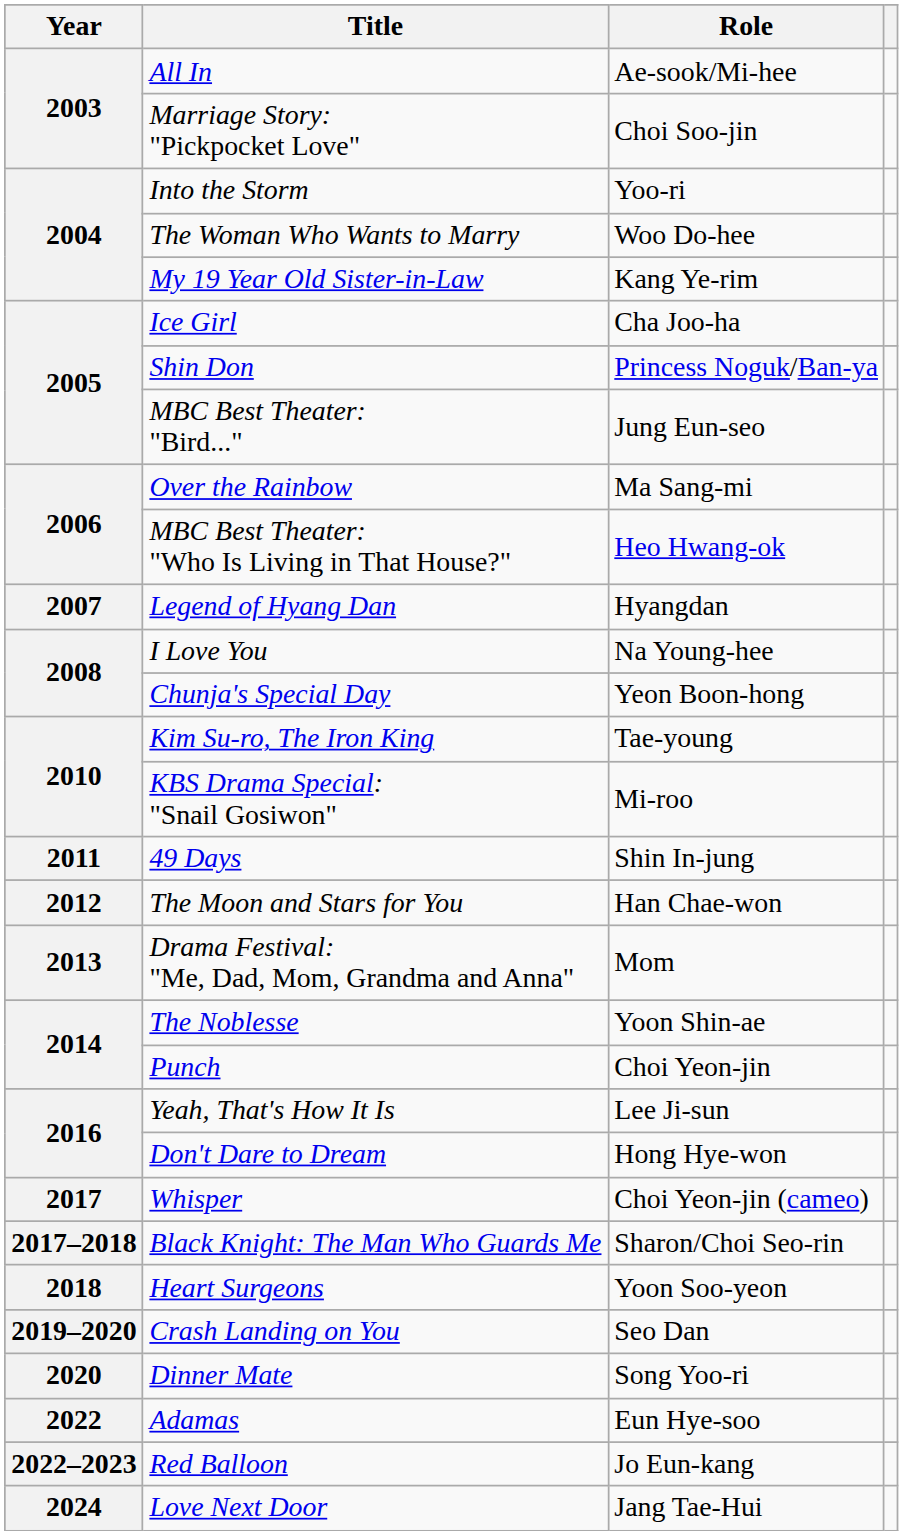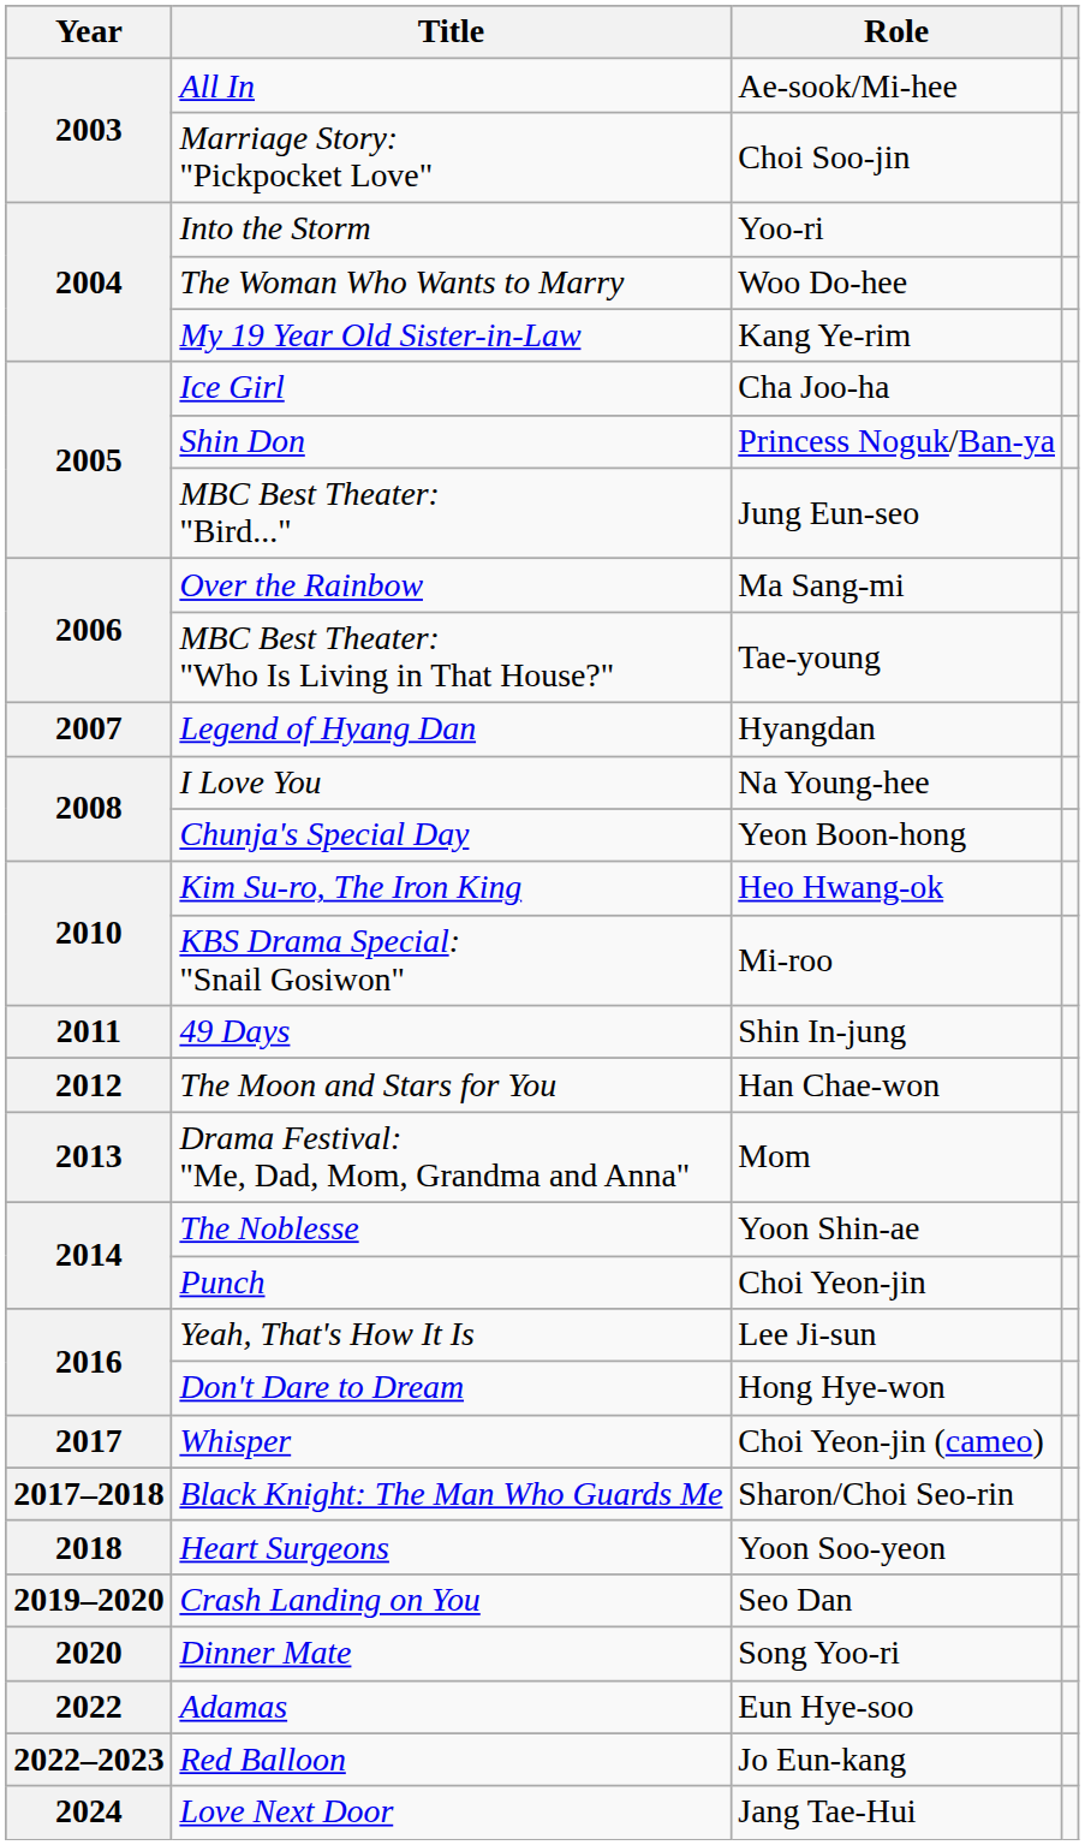 <table class="wikitable plainrowheaders sortable">
 <tr>
 <th scope="col">Year</th>
 <th scope="col">Title</th>
 <th scope="col">Role</th>
 <th scope="col" class="unsortable"></th>
 </tr>
 <tr>
 <th scope="row" rowspan="2">2003</th>
 <td><em><a href='#'>All In</a></em></td>
 <td>Ae-sook/Mi-hee</td>
 <td style="text-align:center"></td>
 </tr>
 <tr>
 <td><em>Marriage Story:</em><br>"Pickpocket Love"</td>
 <td>Choi Soo-jin</td>
 <td style="text-align:center"></td>
 </tr>
 <tr>
 <th scope="row" rowspan="3">2004</th>
 <td><em>Into the Storm</em></td>
 <td>Yoo-ri</td>
 <td style="text-align:center"></td>
 </tr>
 <tr>
 <td><em>The Woman Who Wants to Marry</em></td>
 <td>Woo Do-hee</td>
 <td style="text-align:center"></td>
 </tr>
 <tr>
 <td><em><a href='#'>My 19 Year Old Sister-in-Law</a></em></td>
 <td>Kang Ye-rim</td>
 <td style="text-align:center"></td>
 </tr>
 <tr>
 <th scope="row" rowspan="3">2005</th>
 <td><em><a href='#'>Ice Girl</a></em></td>
 <td>Cha Joo-ha</td>
 <td style="text-align:center"></td>
 </tr>
 <tr>
 <td><em><a href='#'>Shin Don</a></em></td>
 <td><a href='#'>Princess Noguk</a>/<a href='#'>Ban-ya</a></td>
 <td style="text-align:center"></td>
 </tr>
 <tr>
 <td><em>MBC Best Theater:</em><br>"Bird..."</td>
 <td>Jung Eun-seo</td>
 <td style="text-align:center"></td>
 </tr>
 <tr>
 <th scope="row" rowspan="2">2006</th>
 <td><em><a href='#'>Over the Rainbow</a></em></td>
 <td>Ma Sang-mi</td>
 <td style="text-align:center"></td>
 </tr>
 <tr>
 <td><em>MBC Best Theater:</em><br>"Who Is Living in That House?"</td>
-<td><a href='#'>Heo Hwang-ok</a></td>
+<td>Tae-young</td>
 <td style="text-align:center"></td>
 </tr>
 <tr>
 <th scope="row">2007</th>
 <td><em><a href='#'>Legend of Hyang Dan</a></em></td>
 <td>Hyangdan</td>
 <td style="text-align:center"></td>
 </tr>
 <tr>
 <th scope="row" rowspan="2">2008</th>
 <td><em>I Love You</em></td>
 <td>Na Young-hee</td>
 <td style="text-align:center"></td>
 </tr>
 <tr>
 <td><em><a href='#'>Chunja's Special Day</a></em></td>
 <td>Yeon Boon-hong</td>
 <td style="text-align:center"></td>
 </tr>
 <tr>
 <th scope="row" rowspan="2">2010</th>
 <td><em><a href='#'>Kim Su-ro, The Iron King</a></em></td>
-<td>Tae-young</td>
+<td><a href='#'>Heo Hwang-ok</a></td>
 <td style="text-align:center"></td>
 </tr>
 <tr>
 <td><em><a href='#'>KBS Drama Special</a>:</em><br>"Snail Gosiwon"</td>
 <td>Mi-roo</td>
 <td style="text-align:center"></td>
 </tr>
 <tr>
 <th scope="row">2011</th>
 <td><em><a href='#'>49 Days</a></em></td>
 <td>Shin In-jung</td>
 <td style="text-align:center"></td>
 </tr>
 <tr>
 <th scope="row">2012</th>
 <td><em>The Moon and Stars for You</em></td>
 <td>Han Chae-won</td>
 <td style="text-align:center"></td>
 </tr>
 <tr>
 <th scope="row">2013</th>
 <td><em>Drama Festival:</em><br>"Me, Dad, Mom, Grandma and Anna"</td>
 <td>Mom</td>
 <td style="text-align:center"></td>
 </tr>
 <tr>
 <th scope="row" rowspan="2">2014</th>
 <td><em><a href='#'>The Noblesse</a></em></td>
 <td>Yoon Shin-ae</td>
 <td style="text-align:center"></td>
 </tr>
 <tr>
 <td><em><a href='#'>Punch</a></em></td>
 <td>Choi Yeon-jin</td>
 <td style="text-align:center"></td>
 </tr>
 <tr>
 <th scope="row" rowspan="2">2016</th>
 <td><em>Yeah, That's How It Is</em></td>
 <td>Lee Ji-sun</td>
 <td style="text-align:center"></td>
 </tr>
 <tr>
 <td><em><a href='#'>Don't Dare to Dream</a></em></td>
 <td>Hong Hye-won</td>
 <td style="text-align:center"></td>
 </tr>
 <tr>
 <th scope="row">2017</th>
 <td><em><a href='#'>Whisper</a></em></td>
 <td>Choi Yeon-jin (<a href='#'>cameo</a>)</td>
 <td style="text-align:center"></td>
 </tr>
 <tr>
 <th scope="row">2017–2018</th>
 <td><em><a href='#'>Black Knight: The Man Who Guards Me</a></em></td>
 <td>Sharon/Choi Seo-rin</td>
 <td style="text-align:center"></td>
 </tr>
 <tr>
 <th scope="row">2018</th>
 <td><em><a href='#'>Heart Surgeons</a></em></td>
 <td>Yoon Soo-yeon</td>
 <td style="text-align:center"></td>
 </tr>
 <tr>
 <th scope="row">2019–2020</th>
 <td><em><a href='#'>Crash Landing on You</a></em></td>
 <td>Seo Dan</td>
 <td style="text-align:center"></td>
 </tr>
 <tr>
 <th scope="row">2020</th>
 <td><em><a href='#'>Dinner Mate</a></em></td>
 <td>Song Yoo-ri</td>
 <td style="text-align:center"></td>
 </tr>
 <tr>
 <th scope="row">2022</th>
 <td><em><a href='#'>Adamas</a></em></td>
 <td>Eun Hye-soo</td>
 <td style="text-align:center"></td>
 </tr>
 <tr>
 <th scope="row">2022–2023</th>
 <td><em><a href='#'>Red Balloon</a></em></td>
 <td>Jo Eun-kang</td>
 <td style="text-align:center"></td>
 </tr>
 <tr>
 <th scope="row">2024</th>
 <td><em><a href='#'>Love Next Door</a></em></td>
 <td>Jang Tae-Hui</td>
 <td style="text-align:center"></td>
 </tr>
 </table>
